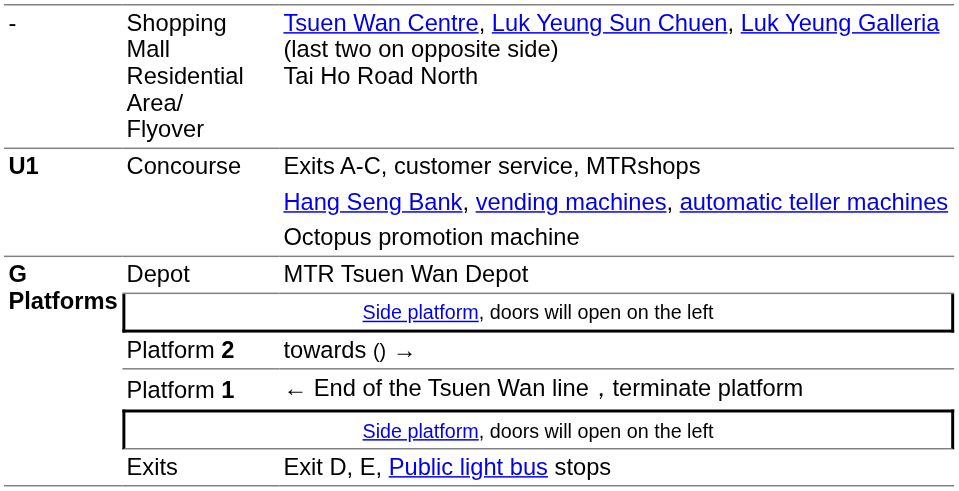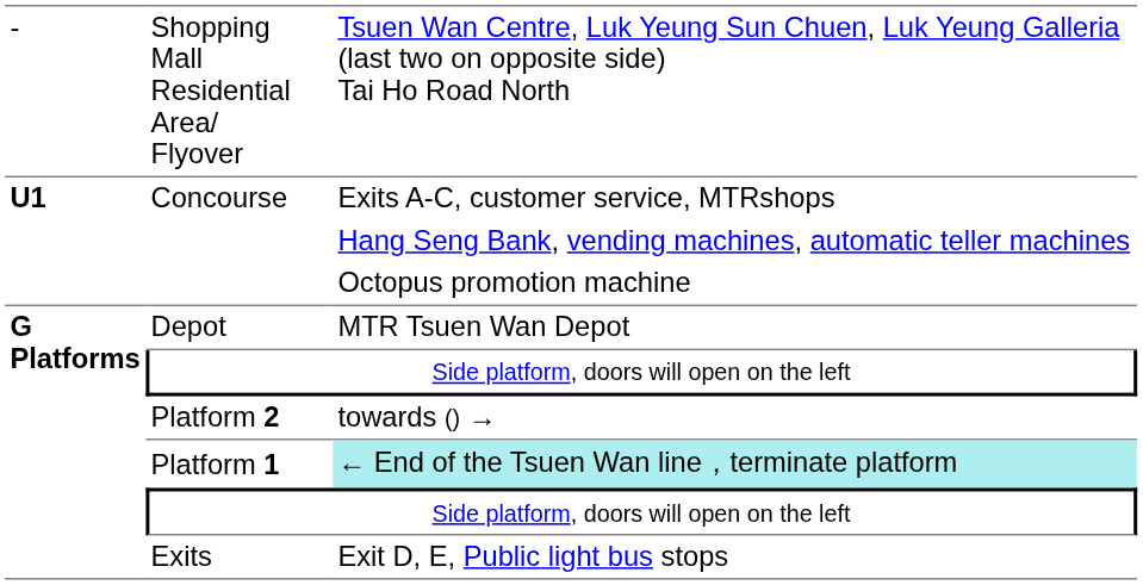 <table border=0 cellspacing=0 cellpadding=3>
 <tr>
 <td style="border-bottom:solid 1px gray;border-top:solid 1px gray;width:50px;vertical-align:top;">-</td>
 <td style="border-top:solid 1px gray;border-bottom:solid 1px gray;width:100px;vertical-align:top;">Shopping Mall<br>Residential Area/<br>Flyover</td>
 <td style="border-top:solid 1px gray;border-bottom:solid 1px gray;width:450px;vertical-align:top;"><a href='#'>Tsuen Wan Centre</a>, <a href='#'>Luk Yeung Sun Chuen</a>, <a href='#'>Luk Yeung Galleria</a> (last two on opposite side)<br>Tai Ho Road North</td>
 </tr>
 <tr>
 <td style="border-bottom:solid 1px gray;vertical-align:top;" rowspan=3><strong>U1</strong></td>
 <td style="border-bottom:solid 1px gray;vertical-align:top;" rowspan=3>Concourse</td>
 <td>Exits A-C, customer service, MTRshops</td>
 </tr>
 <tr>
 <td><a href='#'>Hang Seng Bank</a>, <a href='#'>vending machines</a>, <a href='#'>automatic teller machines</a></td>
 </tr>
 <tr>
 <td style="border-bottom:solid 1px gray;">Octopus promotion machine</td>
 </tr>
 <tr>
 <td style="border-bottom:solid 1px gray;vertical-align:top;" rowspan=6><strong>G<br>Platforms</strong></td>
 <td style="border-bottom:solid 1px gray;">Depot</td>
 <td style="border-bottom:solid 1px gray;">MTR Tsuen Wan Depot</td>
 </tr>
 <tr>
 <td style="border-right:solid 2px black;border-left:solid 2px black;border-bottom:solid 2px black;text-align:center;" colspan=2><small><a href='#'>Side platform</a>, doors will open on the left</small></td>
 </tr>
 <tr>
 <td style="border-bottom:solid 1px gray;">Platform <span><strong>2</strong></span></td>
 <td style="border-bottom:solid 1px gray;">  towards  <small>()</small> →</td>
 </tr>
 <tr>
 <td>Platform <span><strong>1</strong></span></td>
-<td>←  End of the Tsuen Wan line，terminate platform</td>
+<td style="background: paleturquoise;">←  End of the Tsuen Wan line，terminate platform</td>
 </tr>
 <tr>
 <td style="border-top:solid 2px black;border-right:solid 2px black;border-left:solid 2px black;border-bottom:solid 1px gray;text-align:center;" colspan=2><small><a href='#'>Side platform</a>, doors will open on the left</small></td>
 </tr>
 <tr>
 <td style="border-bottom:solid 1px gray;">Exits</td>
 <td style="border-bottom:solid 1px gray;">Exit D, E, <a href='#'>Public light bus</a> stops</td>
 </tr>
 </table>
